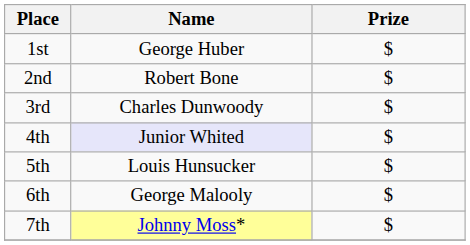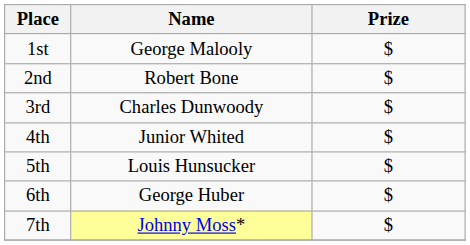 <table class="wikitable">
 <tr>
 <th width="50">Place</th>
 <th width="200">Name</th>
 <th width="125">Prize</th>
 </tr>
 <tr>
 <td align = "center">1st</td>
-<td align = "center">George Huber</td>
+<td align = "center">George Malooly</td>
 <td align = "center">$</td>
 </tr>
 <tr>
 <td align = "center">2nd</td>
 <td align = "center">Robert Bone</td>
 <td align = "center">$</td>
 </tr>
 <tr>
 <td align = "center">3rd</td>
 <td align = "center">Charles Dunwoody</td>
 <td align = "center">$</td>
 </tr>
 <tr>
 <td align = "center">4th</td>
-<td align = "center" style="background: lavender;">Junior Whited</td>
+<td align = "center">Junior Whited</td>
 <td align = "center">$</td>
 </tr>
 <tr>
 <td align = "center">5th</td>
 <td align = "center">Louis Hunsucker</td>
 <td align = "center">$</td>
 </tr>
 <tr>
 <td align = "center">6th</td>
-<td align = "center">George Malooly</td>
+<td align = "center">George Huber</td>
 <td align = "center">$</td>
 </tr>
 <tr>
 <td align = "center">7th</td>
 <td align = "center" bgcolor="#FFFF99"><a href='#'>Johnny Moss</a>*</td>
 <td align = "center">$</td>
 </tr>
 <tr>
 </tr>
 </table>
